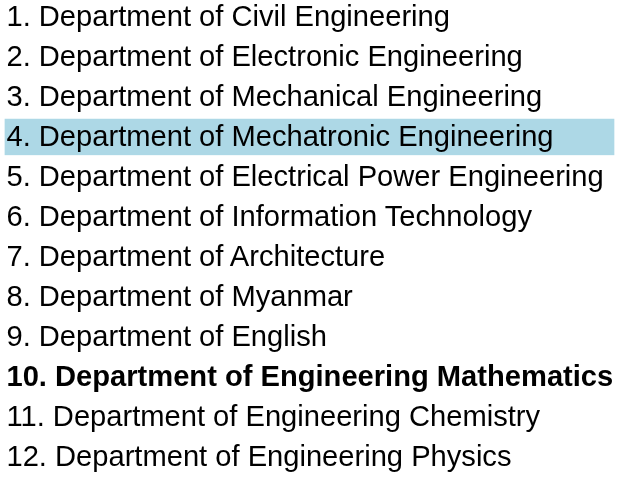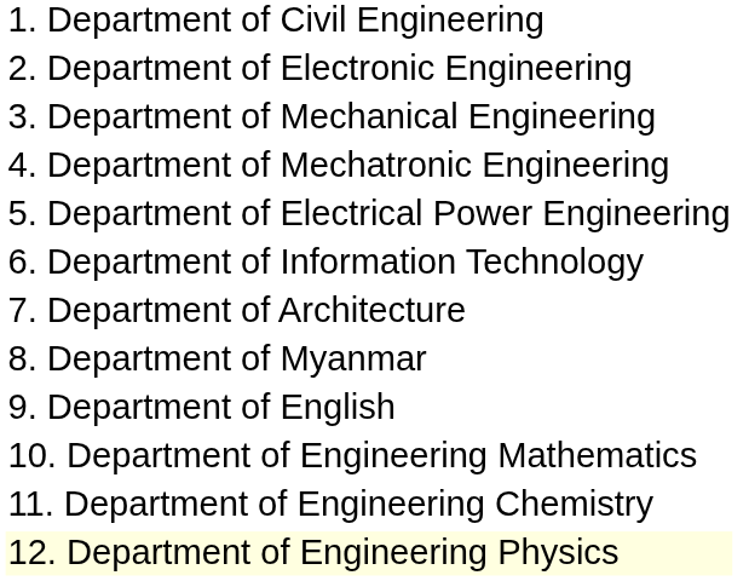 <table>
 <tr>
 <td>1. Department of Civil Engineering</td>
 </tr>
 <tr>
 <td>2. Department of Electronic Engineering</td>
 </tr>
 <tr>
 <td>3. Department of Mechanical Engineering</td>
 </tr>
 <tr>
-<td style="background: lightblue;">4. Department of Mechatronic Engineering</td>
+<td>4. Department of Mechatronic Engineering</td>
 </tr>
 <tr>
 <td>5. Department of Electrical Power Engineering</td>
 </tr>
 <tr>
 <td>6. Department of Information Technology</td>
 </tr>
 <tr>
 <td>7. Department of Architecture</td>
 </tr>
 <tr>
 <td>8. Department of Myanmar</td>
 </tr>
 <tr>
 <td>9. Department of English</td>
 </tr>
 <tr>
-<td><strong>10. Department of Engineering Mathematics</strong></td>
+<td>10. Department of Engineering Mathematics</td>
 </tr>
 <tr>
 <td>11. Department of Engineering Chemistry</td>
 </tr>
 <tr>
-<td>12. Department of Engineering Physics</td>
+<td style="background: lightyellow;">12. Department of Engineering Physics</td>
 </tr>
 </table>
